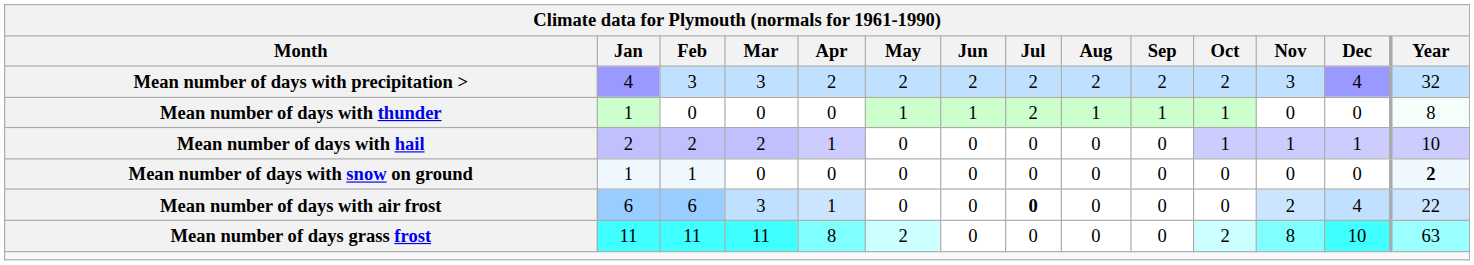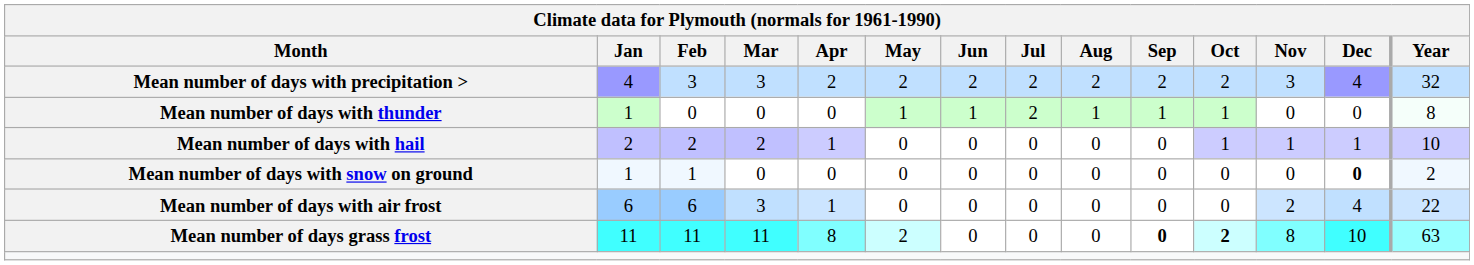 <table style="width:100%;text-align:center;line-height:1.2em;margin-left:auto;margin-right:auto" class="wikitable mw-collapsible">
 <tr>
 <th Colspan=14>Climate data for Plymouth (normals for 1961-1990)</th>
 </tr>
 <tr>
 <th>Month</th>
 <th>Jan</th>
 <th>Feb</th>
 <th>Mar</th>
 <th>Apr</th>
 <th>May</th>
 <th>Jun</th>
 <th>Jul</th>
 <th>Aug</th>
 <th>Sep</th>
 <th>Oct</th>
 <th>Nov</th>
 <th>Dec</th>
 <th style="border-left-width:medium">Year</th>
 </tr>
 <tr>
 <th>Mean number of days with precipitation > </th>
 <td style="background:#9999FF;color:#000000;">4</td>
 <td style="background:#C0E0FF;color:#000000;">3</td>
 <td style="background:#C0E0FF;color:#000000;">3</td>
 <td style="background:#C0E0FF;color:#000000;">2</td>
 <td style="background:#C0E0FF;color:#000000;">2</td>
 <td style="background:#C0E0FF;color:#000000;">2</td>
 <td style="background:#C0E0FF;color:#000000;">2</td>
 <td style="background:#C0E0FF;color:#000000;">2</td>
 <td style="background:#C0E0FF;color:#000000;">2</td>
 <td style="background:#C0E0FF;color:#000000;">2</td>
 <td style="background:#C0E0FF;color:#000000;">3</td>
 <td style="background:#9999FF;color:#000000;">4</td>
 <td style="background:#C0E0FF;color:#000000;border-left-width:medium">32</td>
 </tr>
 <tr>
 <th>Mean number of days with <a href='#'>thunder</a></th>
 <td style="background:#CCFFCC;color:#000000;">1</td>
 <td style="background:#FFFFFF;color:#000000;">0</td>
 <td style="background:#FFFFFF;color:#000000;">0</td>
 <td style="background:#FFFFFF;color:#000000;">0</td>
 <td style="background:#CCFFCC;color:#000000;">1</td>
 <td style="background:#CCFFCC;color:#000000;">1</td>
 <td style="background:#CCFFCC;color:#000000;">2</td>
 <td style="background:#CCFFCC;color:#000000;">1</td>
 <td style="background:#CCFFCC;color:#000000;">1</td>
 <td style="background:#CCFFCC;color:#000000;">1</td>
 <td style="background:#FFFFFF;color:#000000;">0</td>
 <td style="background:#FFFFFF;color:#000000;">0</td>
 <td style="background:#F5FFFA;color:#000000;border-left-width:medium">8</td>
 </tr>
 <tr>
 <th>Mean number of days with <a href='#'>hail</a></th>
 <td style="background:#C0C0FF;color:#000000;">2</td>
 <td style="background:#C0C0FF;color:#000000;">2</td>
 <td style="background:#C0C0FF;color:#000000;">2</td>
 <td style="background:#CCCCFF;color:#000000;">1</td>
 <td style="background:#FFFFFF;color:#000000;">0</td>
 <td style="background:#FFFFFF;color:#000000;">0</td>
 <td style="background:#FFFFFF;color:#000000;">0</td>
 <td style="background:#FFFFFF;color:#000000;">0</td>
 <td style="background:#FFFFFF;color:#000000;">0</td>
 <td style="background:#CCCCFF;color:#000000;">1</td>
 <td style="background:#CCCCFF;color:#000000;">1</td>
 <td style="background:#CCCCFF;color:#000000;">1</td>
 <td style="background:#CCCCFF;color:#000000;border-left-width:medium">10</td>
 </tr>
 <tr>
 <th>Mean number of days with <a href='#'>snow</a> on ground</th>
 <td style="background:#F0F8FF;color:#000000;">1</td>
 <td style="background:#F0F8FF;color:#000000;">1</td>
 <td style="background:#FFFFFF;color:#000000;">0</td>
 <td style="background:#FFFFFF;color:#000000;">0</td>
 <td style="background:#FFFFFF;color:#000000;">0</td>
 <td style="background:#FFFFFF;color:#000000;">0</td>
 <td style="background:#FFFFFF;color:#000000;">0</td>
 <td style="background:#FFFFFF;color:#000000;">0</td>
 <td style="background:#FFFFFF;color:#000000;">0</td>
 <td style="background:#FFFFFF;color:#000000;">0</td>
 <td style="background:#FFFFFF;color:#000000;">0</td>
-<td style="background:#FFFFFF;color:#000000;">0</td>
-<td style="background:#F0F8FF;color:#000000;border-left-width:medium"><strong>2</strong></td>
+<td style="background:#FFFFFF;color:#000000;"><strong>0</strong></td>
+<td style="background:#F0F8FF;color:#000000;border-left-width:medium">2</td>
 </tr>
 <tr>
 <th>Mean number of days with air frost</th>
 <td style="background:#99CCFF;color:#000000;">6</td>
 <td style="background:#99CCFF;color:#000000;">6</td>
 <td style="background:#C0E0FF;color:#000000;">3</td>
 <td style="background:#CCE5FF;color:#000000;">1</td>
 <td style="background:#FFFFFF;color:#000000;">0</td>
 <td style="background:#FFFFFF;color:#000000;">0</td>
-<td style="background:#FFFFFF;color:#000000;"><strong>0</strong></td>
+<td style="background:#FFFFFF;color:#000000;">0</td>
 <td style="background:#FFFFFF;color:#000000;">0</td>
 <td style="background:#FFFFFF;color:#000000;">0</td>
 <td style="background:#FFFFFF;color:#000000;">0</td>
 <td style="background:#CCE5FF;color:#000000;">2</td>
 <td style="background:#C0E0FF;color:#000000;">4</td>
 <td style="background:#CCE5FF;color:#000000;border-left-width:medium">22</td>
 </tr>
 <tr>
 <th>Mean number of days grass <a href='#'>frost</a></th>
 <td style="background:#40FFFF;color:#000000;">11</td>
 <td style="background:#40FFFF;color:#000000;">11</td>
 <td style="background:#40FFFF;color:#000000;">11</td>
 <td style="background:#80FFFF;color:#000000;">8</td>
 <td style="background:#CCFFFF;color:#000000;">2</td>
 <td style="background:#FFFFFF;color:#000000;">0</td>
 <td style="background:#FFFFFF;color:#000000;">0</td>
 <td style="background:#FFFFFF;color:#000000;">0</td>
-<td style="background:#FFFFFF;color:#000000;">0</td>
-<td style="background:#CCFFFF;color:#000000;">2</td>
+<td style="background:#FFFFFF;color:#000000;"><strong>0</strong></td>
+<td style="background:#CCFFFF;color:#000000;"><strong>2</strong></td>
 <td style="background:#80FFFF;color:#000000;">8</td>
 <td style="background:#40FFFF;color:#000000;">10</td>
 <td style="background:#99FFFF;color:#000000;border-left-width:medium">63</td>
 </tr>
 <tr>
 <th Colspan=14 style="background:#f8f9fa;font-weight:normal;font-size:95%;"></th>
 </tr>
 </table>
